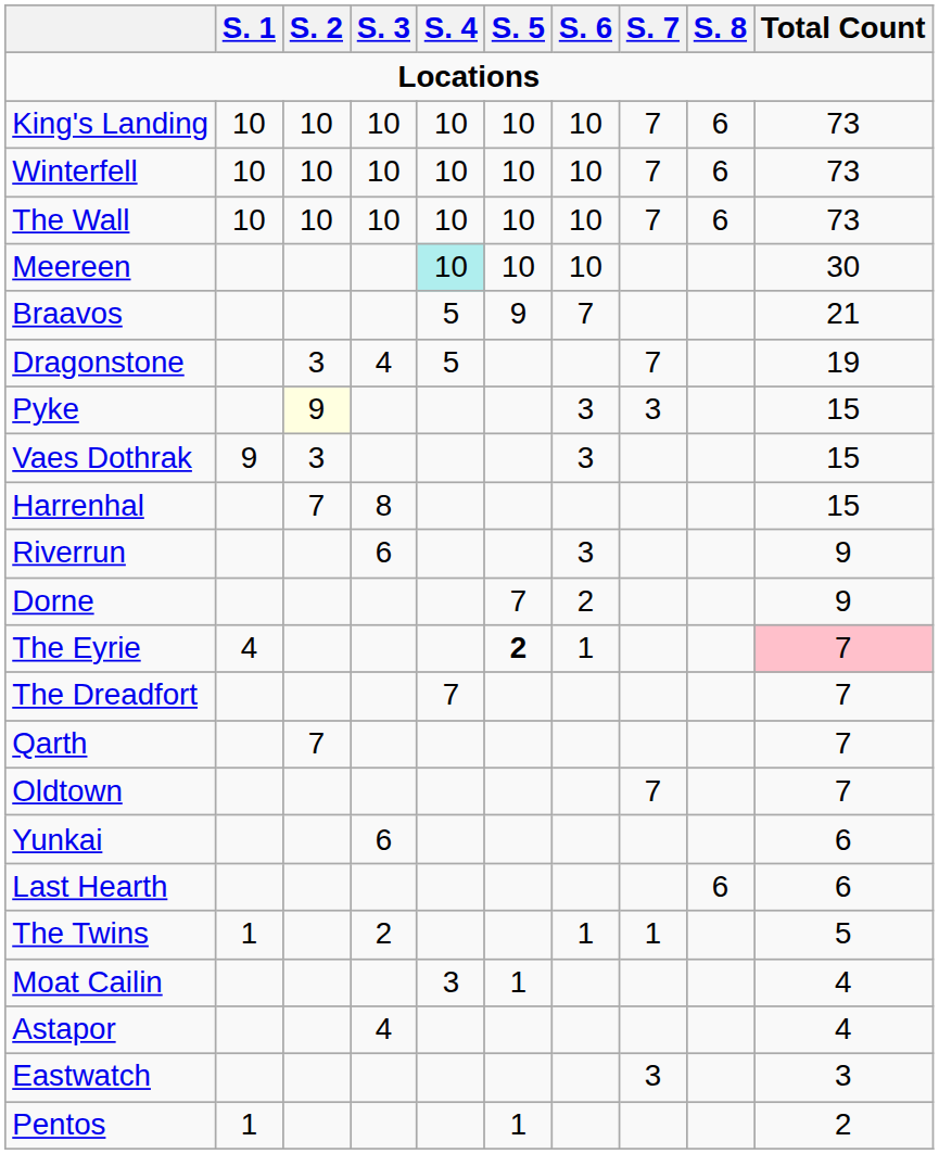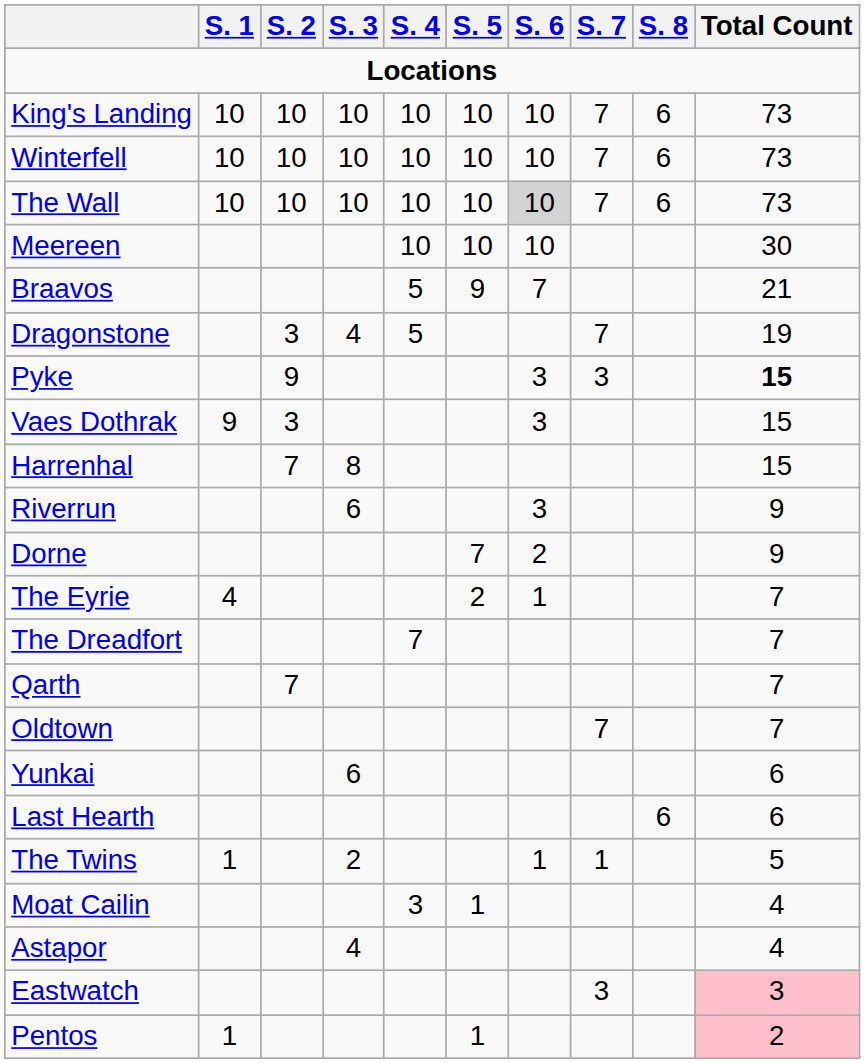 <table class="wikitable sortable" style="text-align:center">
 <tr>
 <th></th>
 <th><a href='#'>S. 1</a></th>
 <th><a href='#'>S. 2</a></th>
 <th><a href='#'>S. 3</a></th>
 <th><a href='#'>S. 4</a></th>
 <th><a href='#'>S. 5</a></th>
 <th><a href='#'>S. 6</a></th>
 <th><a href='#'>S. 7</a></th>
 <th><a href='#'>S. 8</a></th>
 <th>Total Count</th>
 </tr>
 <tr>
 <td colspan=13><strong>Locations</strong></td>
 </tr>
 <tr>
 <td align=left><a href='#'>King's Landing</a></td>
 <td>10</td>
 <td>10</td>
 <td>10</td>
 <td>10</td>
 <td>10</td>
 <td>10</td>
 <td>7</td>
 <td>6</td>
 <td>73</td>
 </tr>
 <tr>
 <td align=left><a href='#'>Winterfell</a></td>
 <td>10</td>
 <td>10</td>
 <td>10</td>
 <td>10</td>
 <td>10</td>
 <td>10</td>
 <td>7</td>
 <td>6</td>
 <td>73</td>
 </tr>
 <tr>
 <td align=left><a href='#'>The Wall</a></td>
 <td>10</td>
 <td>10</td>
 <td>10</td>
 <td>10</td>
 <td>10</td>
-<td>10</td>
+<td style="background: lightgrey;">10</td>
 <td>7</td>
 <td>6</td>
 <td>73</td>
 </tr>
 <tr>
 <td align=left><a href='#'>Meereen</a></td>
 <td></td>
 <td></td>
 <td></td>
-<td style="background: paleturquoise;">10</td>
+<td>10</td>
 <td>10</td>
 <td>10</td>
 <td></td>
 <td></td>
 <td>30</td>
 </tr>
 <tr>
 <td align=left><a href='#'>Braavos</a></td>
 <td></td>
 <td></td>
 <td></td>
 <td>5</td>
 <td>9</td>
 <td>7</td>
 <td></td>
 <td></td>
 <td>21</td>
 </tr>
 <tr>
 <td align=left><a href='#'>Dragonstone</a></td>
 <td></td>
 <td>3</td>
 <td>4</td>
 <td>5</td>
 <td></td>
 <td></td>
 <td>7</td>
 <td></td>
 <td>19</td>
 </tr>
 <tr>
 <td align=left><a href='#'>Pyke</a></td>
 <td></td>
-<td style="background: lightyellow;">9</td>
+<td>9</td>
 <td></td>
 <td></td>
 <td></td>
 <td>3</td>
 <td>3</td>
 <td></td>
-<td>15</td>
+<td><strong>15</strong></td>
 </tr>
 <tr>
 <td align=left><a href='#'>Vaes Dothrak</a></td>
 <td>9</td>
 <td>3</td>
 <td></td>
 <td></td>
 <td></td>
 <td>3</td>
 <td></td>
 <td></td>
 <td>15</td>
 </tr>
 <tr>
 <td align=left><a href='#'>Harrenhal</a></td>
 <td></td>
 <td>7</td>
 <td>8</td>
 <td></td>
 <td></td>
 <td></td>
 <td></td>
 <td></td>
 <td>15</td>
 </tr>
 <tr>
 <td align=left><a href='#'>Riverrun</a></td>
 <td></td>
 <td></td>
 <td>6</td>
 <td></td>
 <td></td>
 <td>3</td>
 <td></td>
 <td></td>
 <td>9</td>
 </tr>
 <tr>
 <td align=left><a href='#'>Dorne</a></td>
 <td></td>
 <td></td>
 <td></td>
 <td></td>
 <td>7</td>
 <td>2</td>
 <td></td>
 <td></td>
 <td>9</td>
 </tr>
 <tr>
 <td align=left><a href='#'>The Eyrie</a></td>
 <td>4</td>
 <td></td>
 <td></td>
 <td></td>
-<td><strong>2</strong></td>
+<td>2</td>
 <td>1</td>
 <td></td>
 <td></td>
-<td style="background: pink;">7</td>
+<td>7</td>
 </tr>
 <tr>
 <td align=left><a href='#'>The Dreadfort</a></td>
 <td></td>
 <td></td>
 <td></td>
 <td>7</td>
 <td></td>
 <td></td>
 <td></td>
 <td></td>
 <td>7</td>
 </tr>
 <tr>
 <td align=left><a href='#'>Qarth</a></td>
 <td></td>
 <td>7</td>
 <td></td>
 <td></td>
 <td></td>
 <td></td>
 <td></td>
 <td></td>
 <td>7</td>
 </tr>
 <tr>
 <td align=left><a href='#'>Oldtown</a></td>
 <td></td>
 <td></td>
 <td></td>
 <td></td>
 <td></td>
 <td></td>
 <td>7</td>
 <td></td>
 <td>7</td>
 </tr>
 <tr>
 <td align=left><a href='#'>Yunkai</a></td>
 <td></td>
 <td></td>
 <td>6</td>
 <td></td>
 <td></td>
 <td></td>
 <td></td>
 <td></td>
 <td>6</td>
 </tr>
 <tr>
 <td align=left><a href='#'>Last Hearth</a></td>
 <td></td>
 <td></td>
 <td></td>
 <td></td>
 <td></td>
 <td></td>
 <td></td>
 <td>6</td>
 <td>6</td>
 </tr>
 <tr>
 <td align=left><a href='#'>The Twins</a></td>
 <td>1</td>
 <td></td>
 <td>2</td>
 <td></td>
 <td></td>
 <td>1</td>
 <td>1</td>
 <td></td>
 <td>5</td>
 </tr>
 <tr>
 <td align=left><a href='#'>Moat Cailin</a></td>
 <td></td>
 <td></td>
 <td></td>
 <td>3</td>
 <td>1</td>
 <td></td>
 <td></td>
 <td></td>
 <td>4</td>
 </tr>
 <tr>
 <td align=left><a href='#'>Astapor</a></td>
 <td></td>
 <td></td>
 <td>4</td>
 <td></td>
 <td></td>
 <td></td>
 <td></td>
 <td></td>
 <td>4</td>
 </tr>
 <tr>
 <td align=left><a href='#'>Eastwatch</a></td>
 <td></td>
 <td></td>
 <td></td>
 <td></td>
 <td></td>
 <td></td>
 <td>3</td>
 <td></td>
-<td>3</td>
+<td style="background: pink;">3</td>
 </tr>
 <tr>
 <td align=left><a href='#'>Pentos</a></td>
 <td>1</td>
 <td></td>
 <td></td>
 <td></td>
 <td>1</td>
 <td></td>
 <td></td>
 <td></td>
-<td>2</td>
+<td style="background: pink;">2</td>
 </tr>
 <tr>
 </tr>
 </table>
